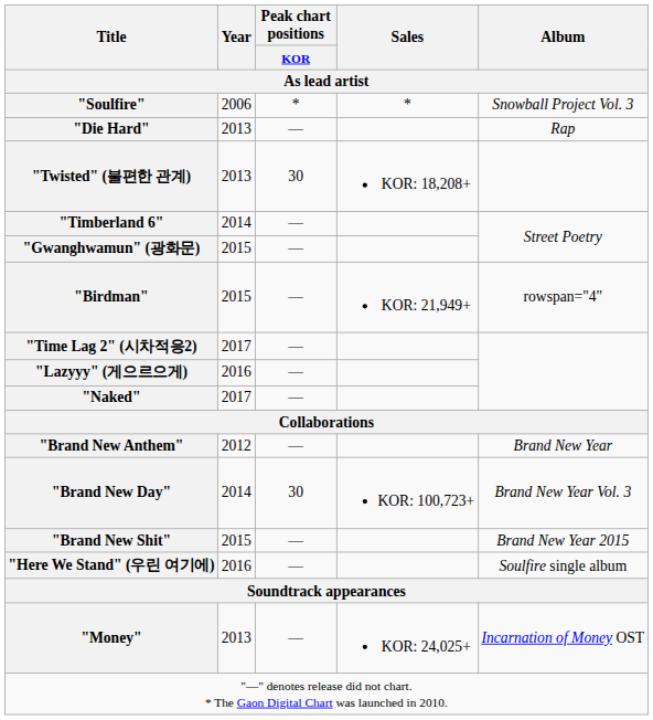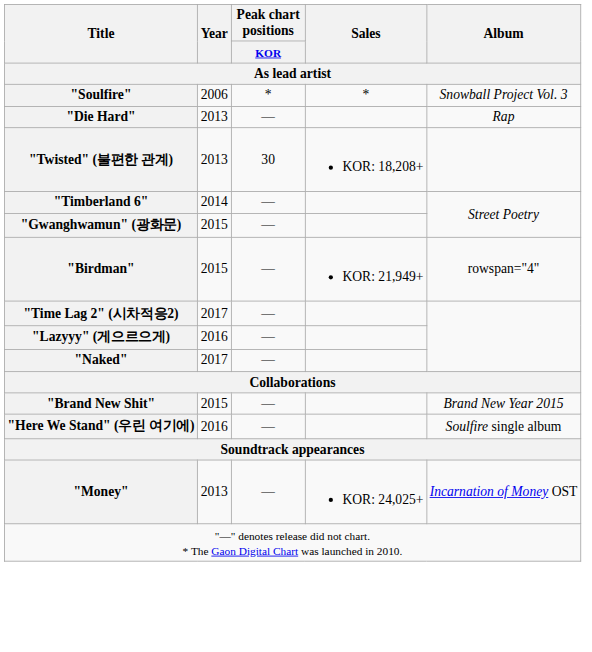 <table class="wikitable plainrowheaders" style="text-align:center;">
 <tr>
 <th scope="col" rowspan="2">Title</th>
 <th scope="col" rowspan="2">Year</th>
 <th scope="col" colspan="1" style="width:5em;">Peak chart positions</th>
 <th scope="col" rowspan="2">Sales</th>
 <th scope="col" rowspan="2">Album</th>
 </tr>
 <tr>
 <th><small><a href='#'>KOR</a></small><br></th>
 </tr>
 <tr>
 <th scope="col" colspan="5">As lead artist</th>
 </tr>
 <tr>
 <th scope="row">"Soulfire"</th>
 <td>2006</td>
 <td>*</td>
 <td>*</td>
 <td><em>Snowball Project Vol. 3</em></td>
 </tr>
 <tr>
 <th scope="row">"Die Hard"<br></th>
 <td>2013</td>
 <td>—</td>
 <td></td>
 <td><em>Rap</em></td>
 </tr>
 <tr>
 <th scope="row">"Twisted" (불편한 관계)<br></th>
 <td>2013</td>
 <td>30</td>
 <td><br><ul><li>KOR: 18,208+</li></ul></td>
 <td></td>
 </tr>
 <tr>
 <th scope="row">"Timberland 6"<br></th>
 <td>2014</td>
 <td>—</td>
 <td></td>
 <td rowspan="2"><em>Street Poetry</em></td>
 </tr>
 <tr>
 <th scope="row">"Gwanghwamun" (광화문) <br></th>
 <td>2015</td>
 <td>—</td>
 <td></td>
 </tr>
 <tr>
 <th scope="row">"Birdman"</th>
 <td>2015</td>
 <td>—</td>
 <td><br><ul><li>KOR: 21,949+</li></ul></td>
 <td>rowspan="4" </td>
 </tr>
 <tr>
 <th scope="row">"Time Lag 2" (시차적응2)<br></th>
 <td>2017</td>
 <td>—</td>
 <td></td>
 </tr>
 <tr>
 <th scope="row">"Lazyyy" (게으르으게)<br></th>
 <td>2016</td>
 <td>—</td>
 <td></td>
 </tr>
 <tr>
 <th scope="row">"Naked"<br></th>
 <td>2017</td>
 <td>—</td>
 <td></td>
 </tr>
 <tr>
 <th scope="col" colspan="5">Collaborations</th>
 </tr>
 <tr>
-<th scope="row">"Brand New Anthem"<br></th>
-<td>2012</td>
-<td>—</td>
-<td></td>
-<td><em>Brand New Year</em></td>
-</tr>
-<tr>
-<th scope="row">"Brand New Day"<br></th>
-<td>2014</td>
-<td>30</td>
-<td><br><ul><li>KOR: 100,723+</li></ul></td>
-<td><em>Brand New Year Vol. 3</em></td>
-</tr>
-<tr>
 <th scope="row">"Brand New Shit"<br></th>
 <td>2015</td>
 <td>—</td>
 <td></td>
 <td><em>Brand New Year 2015</em></td>
 </tr>
 <tr>
 <th scope="row">"Here We Stand" (우린 여기에)<br></th>
 <td>2016</td>
 <td>—</td>
 <td></td>
 <td><em>Soulfire</em> single album</td>
 </tr>
 <tr>
 <th scope="col" colspan="5">Soundtrack appearances</th>
 </tr>
 <tr>
 <th scope="row">"Money"<br></th>
 <td>2013</td>
 <td>—</td>
 <td><br><ul><li>KOR: 24,025+</li></ul></td>
 <td><em><a href='#'>Incarnation of Money</a></em> OST</td>
 </tr>
 <tr>
 <td colspan="5" align="center"><small>"—" denotes release did not chart.<br>* The <a href='#'>Gaon Digital Chart</a> was launched in 2010.</small></td>
 </tr>
 </table>
